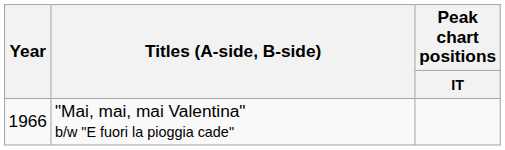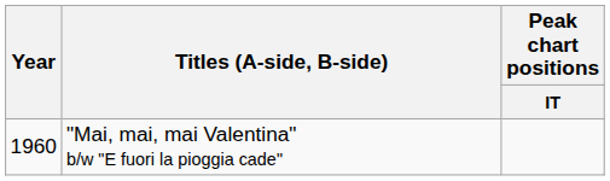 <table class="wikitable" style="text-align:center;">
 <tr>
 <th width="20" rowspan="2">Year</th>
 <th width="330" rowspan="2">Titles (A-side, B-side)</th>
 <th colspan="5">Peak chart positions</th>
 </tr>
 <tr>
 <th width="40"><small>IT</small></th>
 </tr>
 <tr>
-<td>1966</td>
+<td>1960</td>
 <td style="text-align:left">"Mai, mai, mai Valentina"<br><small>b/w "E fuori la pioggia cade"</small></td>
 <td></td>
 </tr>
 </table>
